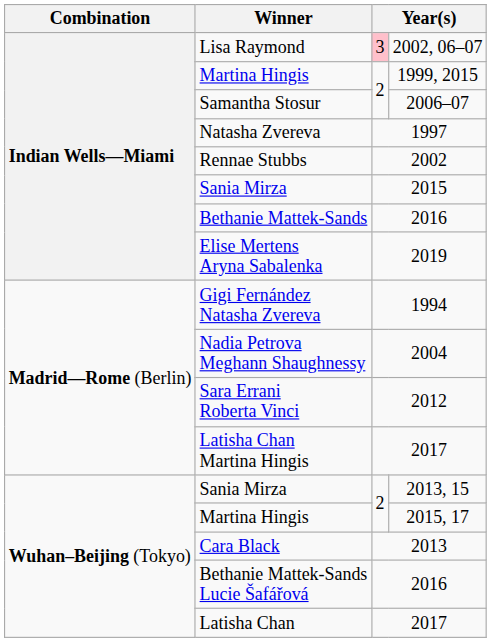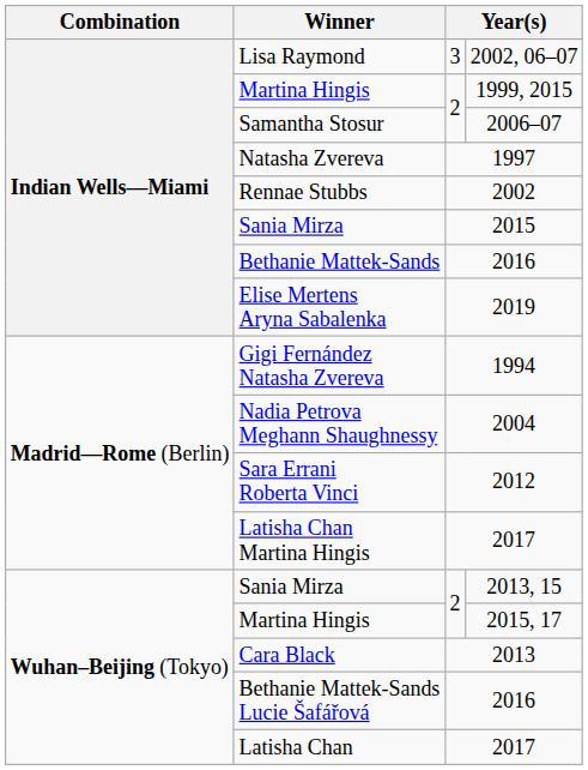 <table class="wikitable nowrap">
 <tr>
 <th scope="col">Combination</th>
 <th scope="col">Winner</th>
 <th scope="col" colspan=2>Year(s)</th>
 </tr>
 <tr>
 <th rowspan="8" scope="row" style="text-align:left;">Indian Wells—Miami<br></th>
 <td> Lisa Raymond</td>
-<td style="background: pink;">3</td>
+<td>3</td>
 <td>2002, 06–07</td>
 </tr>
 <tr>
 <td> <a href='#'>Martina Hingis</a></td>
 <td rowspan="2">2</td>
 <td style="text-align:center">1999, 2015</td>
 </tr>
 <tr>
 <td> Samantha Stosur</td>
 <td style="text-align:center">2006–07</td>
 </tr>
 <tr>
 <td> Natasha Zvereva</td>
 <td colspan="2" style="text-align:center">1997</td>
 </tr>
 <tr>
 <td> Rennae Stubbs</td>
 <td colspan="2" style="text-align:center">2002</td>
 </tr>
 <tr>
 <td> <a href='#'>Sania Mirza</a></td>
 <td colspan="2" style="text-align:center">2015</td>
 </tr>
 <tr>
 <td> <a href='#'>Bethanie Mattek-Sands</a></td>
 <td colspan="2" style="text-align:center">2016</td>
 </tr>
 <tr>
 <td> <a href='#'>Elise Mertens</a><br> <a href='#'>Aryna Sabalenka</a></td>
 <td colspan="2" style="text-align:center">2019</td>
 </tr>
 <tr>
 <td rowspan="4" scope="row" style="text-align:left;"><strong>Madrid—Rome</strong> (Berlin)<br></td>
 <td> <a href='#'>Gigi Fernández</a><br> <a href='#'>Natasha Zvereva</a></td>
 <td colspan="2" style="text-align:center">1994</td>
 </tr>
 <tr>
 <td> <a href='#'>Nadia Petrova</a><br> <a href='#'>Meghann Shaughnessy</a></td>
 <td colspan="2" style="text-align:center">2004</td>
 </tr>
 <tr>
 <td> <a href='#'>Sara Errani</a><br> <a href='#'>Roberta Vinci</a></td>
 <td colspan="2" style="text-align:center">2012</td>
 </tr>
 <tr>
 <td> <a href='#'>Latisha Chan</a><br> Martina Hingis</td>
 <td colspan="2" style="text-align:center">2017</td>
 </tr>
 <tr>
 <td rowspan="5" scope="row" style="text-align:left; background: No.eaecf0;"><strong>Wuhan–Beijing</strong> (Tokyo)<br></td>
 <td> Sania Mirza</td>
 <td rowspan="2">2</td>
 <td style="text-align:center">2013, 15</td>
 </tr>
 <tr>
 <td> Martina Hingis</td>
 <td style="text-align:center">2015, 17</td>
 </tr>
 <tr>
 <td> <a href='#'>Cara Black</a></td>
 <td colspan="2" style="text-align:center">2013</td>
 </tr>
 <tr>
 <td> Bethanie Mattek-Sands<br> <a href='#'>Lucie Šafářová</a></td>
 <td colspan="2" style="text-align:center">2016</td>
 </tr>
 <tr>
 <td> Latisha Chan</td>
 <td colspan="2" style="text-align:center">2017</td>
 </tr>
 </table>
